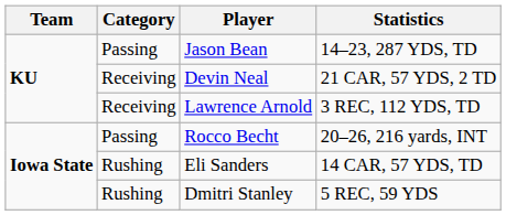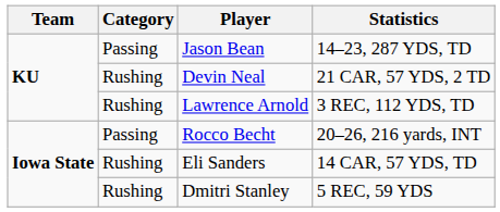 <table class="wikitable" style="float: right;">
 <tr>
 <th>Team</th>
 <th>Category</th>
 <th>Player</th>
 <th>Statistics</th>
 </tr>
 <tr>
 <td rowspan=3><strong>KU</strong></td>
 <td>Passing</td>
 <td><a href='#'>Jason Bean</a></td>
 <td>14–23, 287 YDS, TD</td>
 </tr>
 <tr>
-<td>Receiving</td>
+<td>Rushing</td>
 <td><a href='#'>Devin Neal</a></td>
 <td>21 CAR, 57 YDS, 2 TD</td>
 </tr>
 <tr>
-<td>Receiving</td>
+<td>Rushing</td>
 <td><a href='#'>Lawrence Arnold</a></td>
 <td>3 REC, 112 YDS, TD</td>
 </tr>
 <tr>
 <td rowspan=3><strong>Iowa State</strong></td>
 <td>Passing</td>
 <td><a href='#'>Rocco Becht</a></td>
 <td>20–26, 216 yards, INT</td>
 </tr>
 <tr>
 <td>Rushing</td>
 <td>Eli Sanders</td>
 <td>14 CAR, 57 YDS, TD</td>
 </tr>
 <tr>
 <td>Rushing</td>
 <td>Dmitri Stanley</td>
 <td>5 REC, 59 YDS</td>
 </tr>
 </table>
